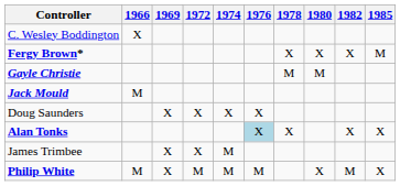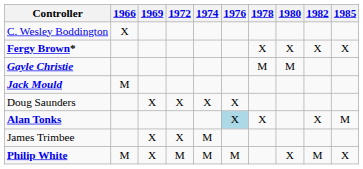 <table class="wikitable">
 <tr>
 <th>Controller</th>
 <th><a href='#'>1966</a></th>
 <th><a href='#'>1969</a></th>
 <th><a href='#'>1972</a></th>
 <th><a href='#'>1974</a></th>
 <th><a href='#'>1976</a></th>
 <th><a href='#'>1978</a></th>
 <th><a href='#'>1980</a></th>
 <th><a href='#'>1982</a></th>
 <th><a href='#'>1985</a></th>
 </tr>
 <tr align = "center">
 <td align = "left"><a href='#'>C. Wesley Boddington</a></td>
 <td>X</td>
 <td></td>
 <td></td>
 <td></td>
 <td></td>
 <td></td>
 <td></td>
 <td></td>
 <td></td>
 </tr>
 <tr align="center">
 <td align = "left"><strong><a href='#'>Fergy Brown</a>*</strong></td>
 <td></td>
 <td></td>
 <td></td>
 <td></td>
 <td></td>
 <td>X</td>
 <td>X</td>
 <td>X</td>
-<td>M</td>
+<td>X</td>
 </tr>
 <tr align = "center">
 <td align = "left"><strong><em><a href='#'>Gayle Christie</a></em></strong></td>
 <td></td>
 <td></td>
 <td></td>
 <td></td>
 <td></td>
 <td>M</td>
 <td>M</td>
 <td></td>
 <td></td>
 </tr>
 <tr align = "center">
 <td align = "left"><strong><em><a href='#'>Jack Mould</a></em></strong></td>
 <td>M</td>
 <td></td>
 <td></td>
 <td></td>
 <td></td>
 <td></td>
 <td></td>
 <td></td>
 <td></td>
 </tr>
 <tr align = "center">
 <td align = "left">Doug Saunders</td>
 <td></td>
 <td>X</td>
 <td>X</td>
 <td>X</td>
 <td>X</td>
 <td></td>
 <td></td>
 <td></td>
 <td></td>
 </tr>
 <tr align = "center">
 <td align = "left"><strong><a href='#'>Alan Tonks</a></strong></td>
 <td></td>
 <td></td>
 <td></td>
 <td></td>
 <td style="background: lightblue;">X</td>
 <td>X</td>
 <td></td>
 <td>X</td>
-<td>X</td>
+<td>M</td>
 </tr>
 <tr align = "center">
 <td align = "left">James Trimbee</td>
 <td></td>
 <td>X</td>
 <td>X</td>
 <td>M</td>
 <td></td>
 <td></td>
 <td></td>
 <td></td>
 <td></td>
 </tr>
 <tr align = "center">
 <td align = "left"><strong><a href='#'>Philip White</a></strong></td>
 <td>M</td>
 <td>X</td>
 <td>M</td>
 <td>M</td>
 <td>M</td>
 <td></td>
 <td>X</td>
 <td>M</td>
 <td>X</td>
 </tr>
 </table>
